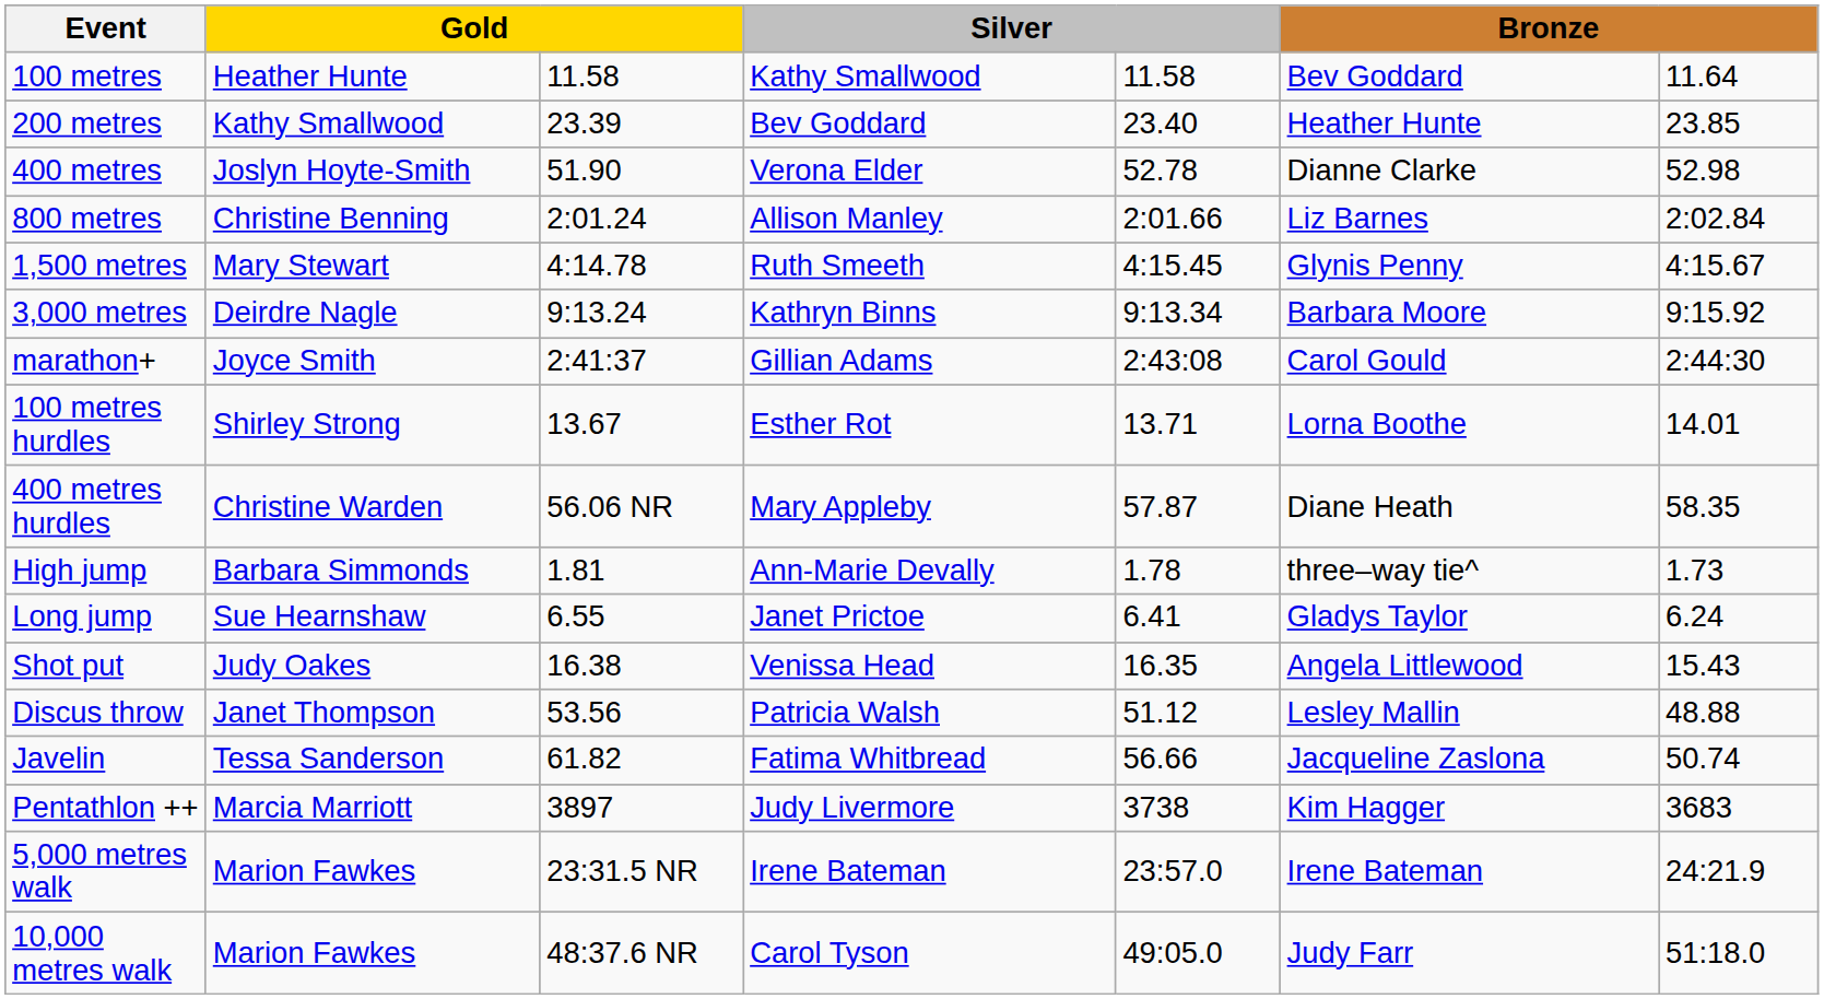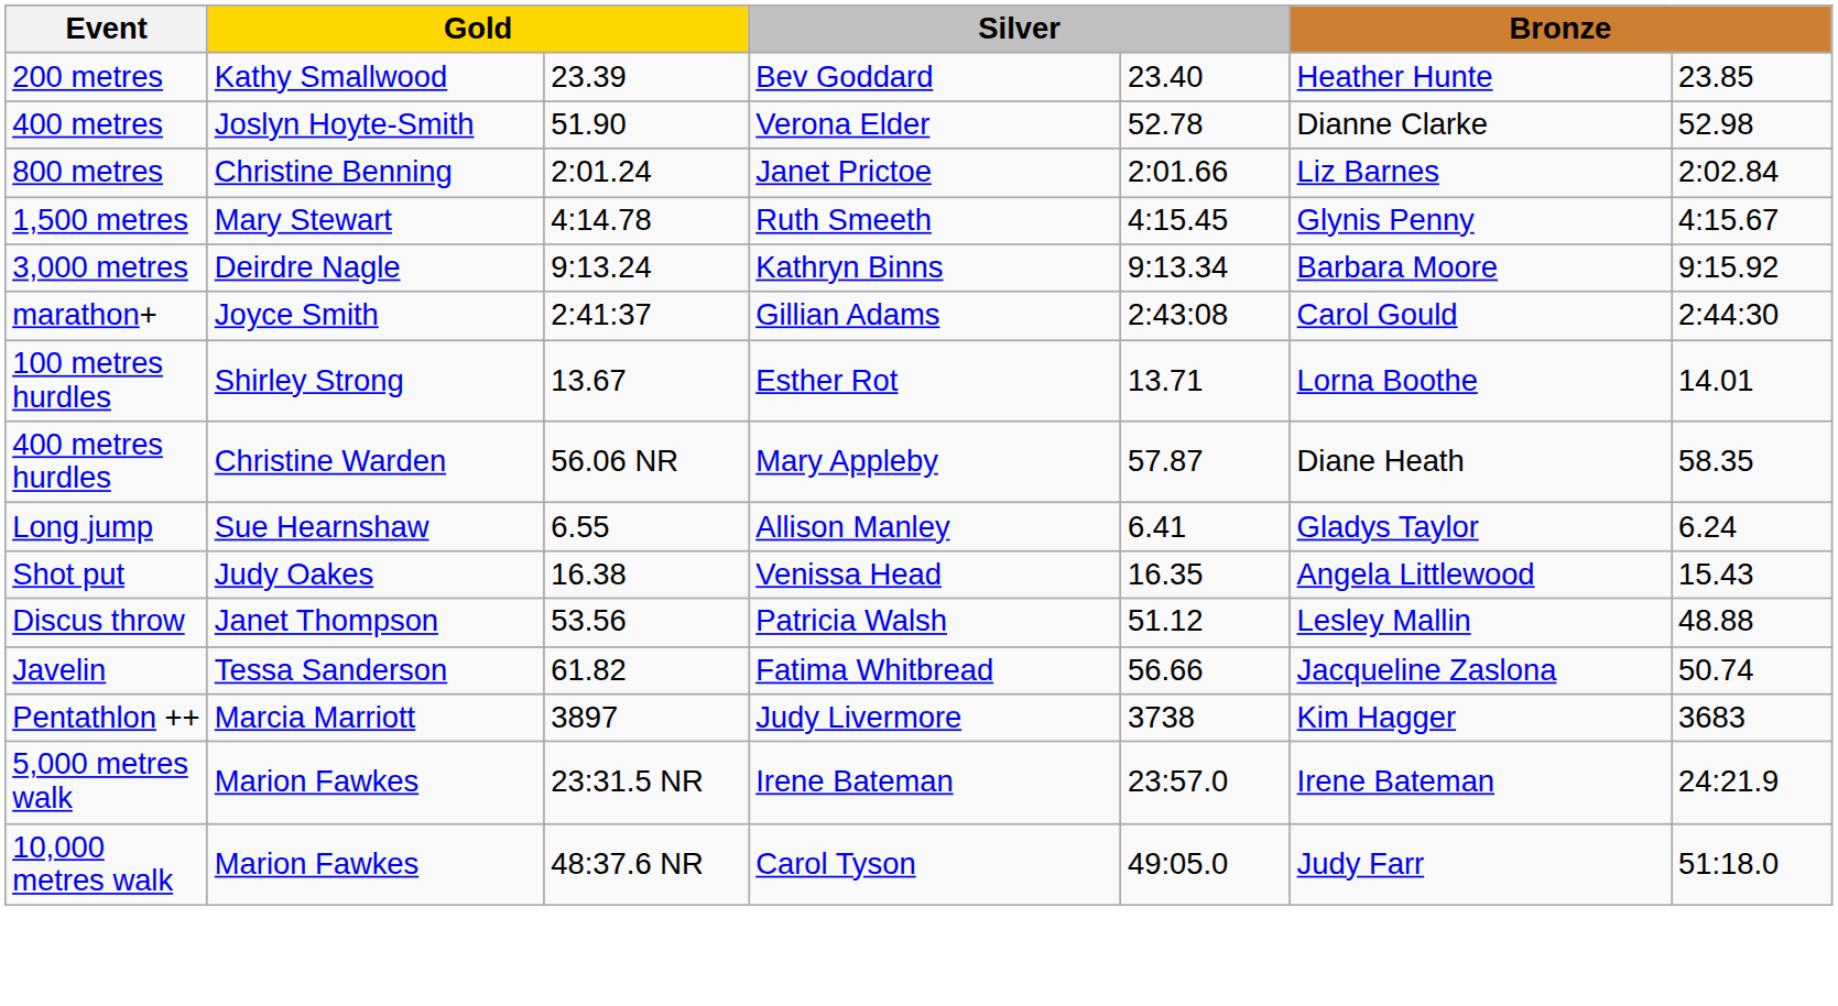 <table class="wikitable" style="text-align:left">
 <tr>
 <th width=100>Event</th>
 <th colspan="2" width="280" style="background:gold;">Gold</th>
 <th colspan="2" width="280" style="background:silver;">Silver</th>
 <th colspan="2" width="280" style="background:#CD7F32;">Bronze</th>
-</tr>
-<tr>
-<td><a href='#'>100 metres</a></td>
-<td><a href='#'>Heather Hunte</a></td>
-<td>11.58</td>
-<td><a href='#'>Kathy Smallwood</a></td>
-<td>11.58</td>
-<td><a href='#'>Bev Goddard</a></td>
-<td>11.64</td>
 </tr>
 <tr>
 <td><a href='#'>200 metres</a></td>
 <td><a href='#'>Kathy Smallwood</a></td>
 <td>23.39</td>
 <td><a href='#'>Bev Goddard</a></td>
 <td>23.40</td>
 <td><a href='#'>Heather Hunte</a></td>
 <td>23.85</td>
 </tr>
 <tr>
 <td><a href='#'>400 metres</a></td>
 <td><a href='#'>Joslyn Hoyte-Smith</a></td>
 <td>51.90</td>
 <td><a href='#'>Verona Elder</a></td>
 <td>52.78</td>
 <td>Dianne Clarke</td>
 <td>52.98</td>
 </tr>
 <tr>
 <td><a href='#'>800 metres</a></td>
 <td><a href='#'>Christine Benning</a></td>
 <td>2:01.24</td>
-<td><a href='#'>Allison Manley</a></td>
+<td><a href='#'>Janet Prictoe</a></td>
 <td>2:01.66</td>
 <td><a href='#'>Liz Barnes</a></td>
 <td>2:02.84</td>
 </tr>
 <tr>
 <td><a href='#'>1,500 metres</a></td>
 <td><a href='#'>Mary Stewart</a></td>
 <td>4:14.78</td>
 <td><a href='#'>Ruth Smeeth</a></td>
 <td>4:15.45</td>
 <td><a href='#'>Glynis Penny</a></td>
 <td>4:15.67</td>
 </tr>
 <tr>
 <td><a href='#'>3,000 metres</a></td>
 <td> <a href='#'>Deirdre Nagle</a></td>
 <td>9:13.24</td>
 <td><a href='#'>Kathryn Binns</a></td>
 <td>9:13.34</td>
 <td> <a href='#'>Barbara Moore</a></td>
 <td>9:15.92</td>
 </tr>
 <tr>
 <td><a href='#'>marathon</a>+</td>
 <td><a href='#'>Joyce Smith</a></td>
 <td>2:41:37</td>
 <td><a href='#'>Gillian Adams</a></td>
 <td>2:43:08</td>
 <td><a href='#'>Carol Gould</a></td>
 <td>2:44:30</td>
 </tr>
 <tr>
 <td><a href='#'>100 metres hurdles</a></td>
 <td><a href='#'>Shirley Strong</a></td>
 <td>13.67</td>
 <td> <a href='#'>Esther Rot</a></td>
 <td>13.71</td>
 <td><a href='#'>Lorna Boothe</a></td>
 <td>14.01</td>
 </tr>
 <tr>
 <td><a href='#'>400 metres hurdles</a></td>
 <td><a href='#'>Christine Warden</a></td>
 <td>56.06 NR</td>
 <td> <a href='#'>Mary Appleby</a></td>
 <td>57.87</td>
 <td>Diane Heath</td>
 <td>58.35</td>
 </tr>
 <tr>
-<td><a href='#'>High jump</a></td>
-<td><a href='#'>Barbara Simmonds</a></td>
-<td>1.81</td>
-<td><a href='#'>Ann-Marie Devally</a></td>
-<td>1.78</td>
-<td>three–way tie^</td>
-<td>1.73</td>
-</tr>
-<tr>
 <td><a href='#'>Long jump</a></td>
 <td><a href='#'>Sue Hearnshaw</a></td>
 <td>6.55</td>
-<td><a href='#'>Janet Prictoe</a></td>
+<td><a href='#'>Allison Manley</a></td>
 <td>6.41</td>
 <td><a href='#'>Gladys Taylor</a></td>
 <td>6.24</td>
 </tr>
 <tr>
 <td><a href='#'>Shot put</a></td>
 <td><a href='#'>Judy Oakes</a></td>
 <td>16.38</td>
 <td> <a href='#'>Venissa Head</a></td>
 <td>16.35</td>
 <td><a href='#'>Angela Littlewood</a></td>
 <td>15.43</td>
 </tr>
 <tr>
 <td><a href='#'>Discus throw</a></td>
 <td><a href='#'>Janet Thompson</a></td>
 <td>53.56</td>
 <td> <a href='#'>Patricia Walsh</a></td>
 <td>51.12</td>
 <td><a href='#'>Lesley Mallin</a></td>
 <td>48.88</td>
 </tr>
 <tr>
 <td><a href='#'>Javelin</a></td>
 <td><a href='#'>Tessa Sanderson</a></td>
 <td>61.82</td>
 <td><a href='#'>Fatima Whitbread</a></td>
 <td>56.66</td>
 <td> <a href='#'>Jacqueline Zaslona</a></td>
 <td>50.74</td>
 </tr>
 <tr>
 <td><a href='#'>Pentathlon</a> ++</td>
 <td><a href='#'>Marcia Marriott</a></td>
 <td>3897</td>
 <td><a href='#'>Judy Livermore</a></td>
 <td>3738</td>
 <td><a href='#'>Kim Hagger</a></td>
 <td>3683</td>
 </tr>
 <tr>
 <td><a href='#'>5,000 metres walk</a></td>
 <td><a href='#'>Marion Fawkes</a></td>
 <td>23:31.5 NR</td>
 <td><a href='#'>Irene Bateman</a></td>
 <td>23:57.0</td>
 <td><a href='#'>Irene Bateman</a></td>
 <td>24:21.9</td>
 </tr>
 <tr>
 <td><a href='#'>10,000 metres walk</a></td>
 <td><a href='#'>Marion Fawkes</a></td>
 <td>48:37.6 NR</td>
 <td><a href='#'>Carol Tyson</a></td>
 <td>49:05.0</td>
 <td><a href='#'>Judy Farr</a></td>
 <td>51:18.0</td>
 </tr>
 </table>
